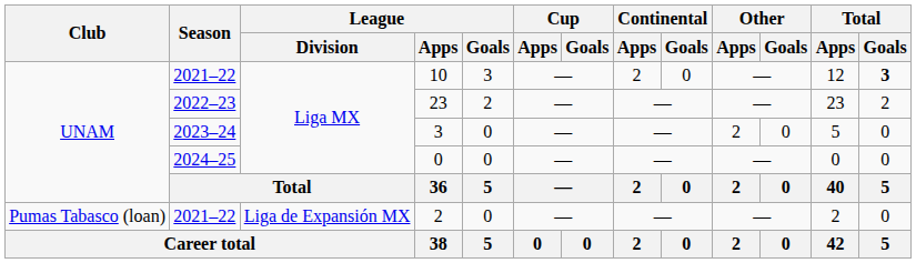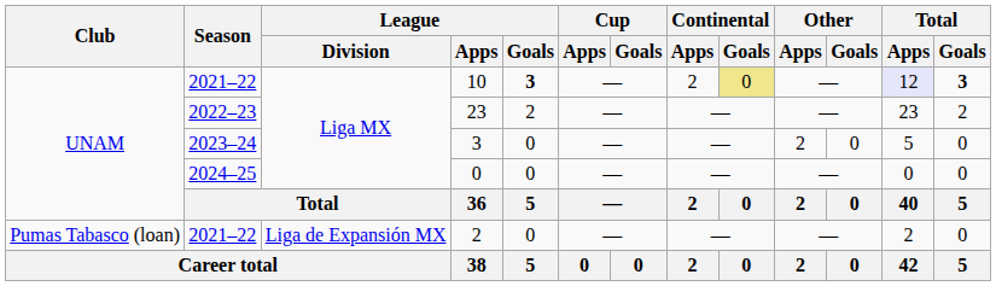 <table class="wikitable" style="text-align:center">
 <tr>
 <th rowspan="2">Club</th>
 <th rowspan="2">Season</th>
 <th colspan="3">League</th>
 <th colspan="2">Cup</th>
 <th colspan="2">Continental</th>
 <th colspan="2">Other</th>
 <th colspan="2">Total</th>
 </tr>
 <tr>
 <th>Division</th>
 <th>Apps</th>
 <th>Goals</th>
 <th>Apps</th>
 <th>Goals</th>
 <th>Apps</th>
 <th>Goals</th>
 <th>Apps</th>
 <th>Goals</th>
 <th>Apps</th>
 <th>Goals</th>
 </tr>
 <tr>
 <td rowspan="5"><a href='#'>UNAM</a></td>
 <td><a href='#'>2021–22</a></td>
 <td rowspan="4"><a href='#'>Liga MX</a></td>
 <td>10</td>
-<td>3</td>
+<td><strong>3</strong></td>
 <td colspan=2>—</td>
 <td>2</td>
-<td>0</td>
+<td style="background: khaki;">0</td>
 <td colspan=2>—</td>
-<td>12</td>
+<td style="background: lavender;">12</td>
 <td><strong>3</strong></td>
 </tr>
 <tr>
 <td><a href='#'>2022–23</a></td>
 <td>23</td>
 <td>2</td>
 <td colspan=2>—</td>
 <td colspan=2>—</td>
 <td colspan=2>—</td>
 <td>23</td>
 <td>2</td>
 </tr>
 <tr>
 <td><a href='#'>2023–24</a></td>
 <td>3</td>
 <td>0</td>
 <td colspan=2>—</td>
 <td colspan=2>—</td>
 <td>2</td>
 <td>0</td>
 <td>5</td>
 <td>0</td>
 </tr>
 <tr>
 <td><a href='#'>2024–25</a></td>
 <td>0</td>
 <td>0</td>
 <td colspan="2">—</td>
 <td colspan="2">—</td>
 <td colspan="2">—</td>
 <td>0</td>
 <td>0</td>
 </tr>
 <tr>
 <th colspan="2">Total</th>
 <th>36</th>
 <th>5</th>
 <th colspan=2>—</th>
 <th>2</th>
 <th>0</th>
 <th>2</th>
 <th>0</th>
 <th>40</th>
 <th>5</th>
 </tr>
 <tr>
 <td><a href='#'>Pumas Tabasco</a> (loan)</td>
 <td><a href='#'>2021–22</a></td>
 <td><a href='#'>Liga de Expansión MX</a></td>
 <td>2</td>
 <td>0</td>
 <td colspan=2>—</td>
 <td colspan=2>—</td>
 <td colspan=2>—</td>
 <td>2</td>
 <td>0</td>
 </tr>
 <tr>
 <th colspan="3">Career total</th>
 <th>38</th>
 <th>5</th>
 <th>0</th>
 <th>0</th>
 <th>2</th>
 <th>0</th>
 <th>2</th>
 <th>0</th>
 <th>42</th>
 <th>5</th>
 </tr>
 </table>
